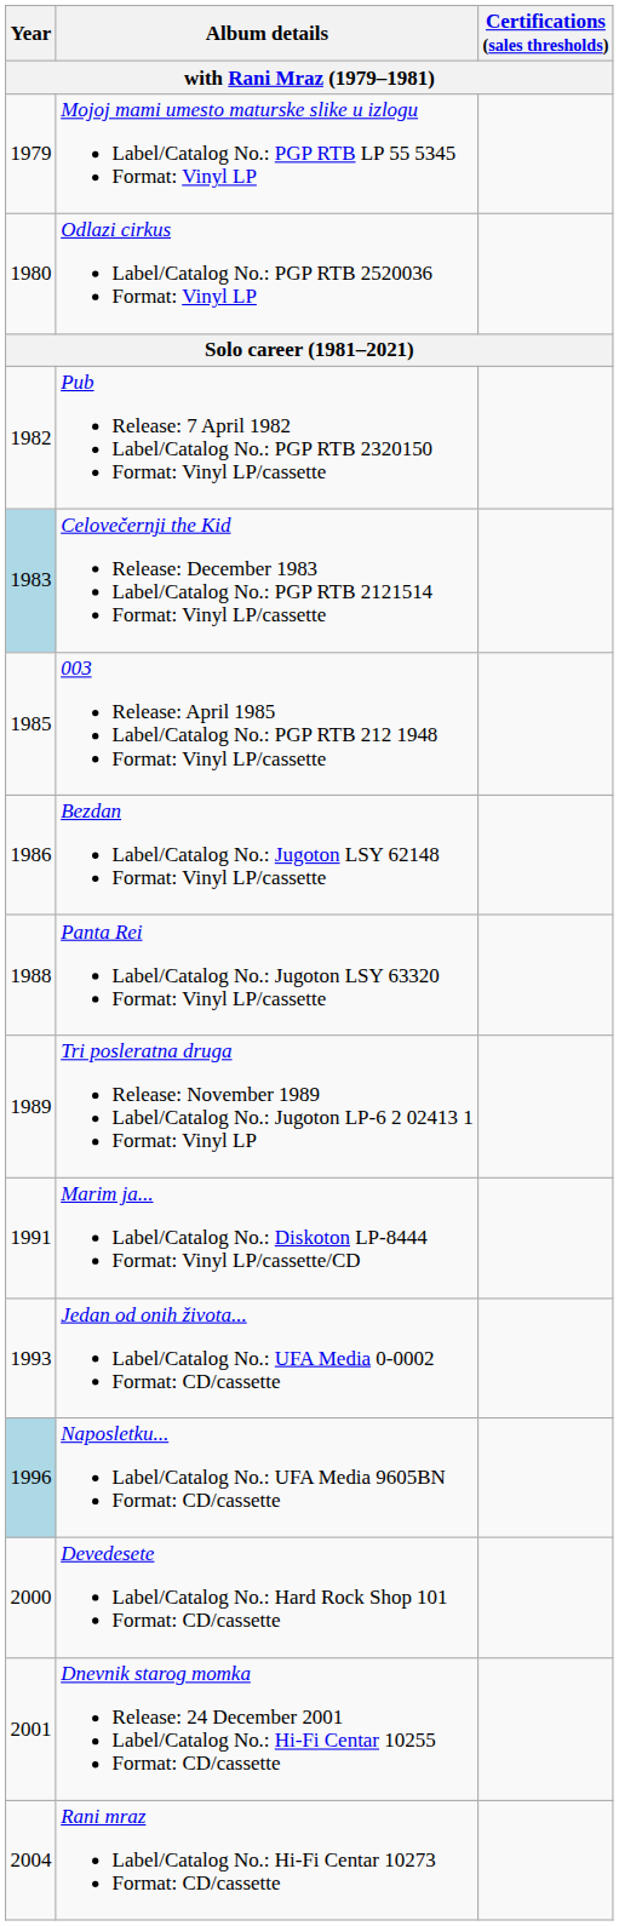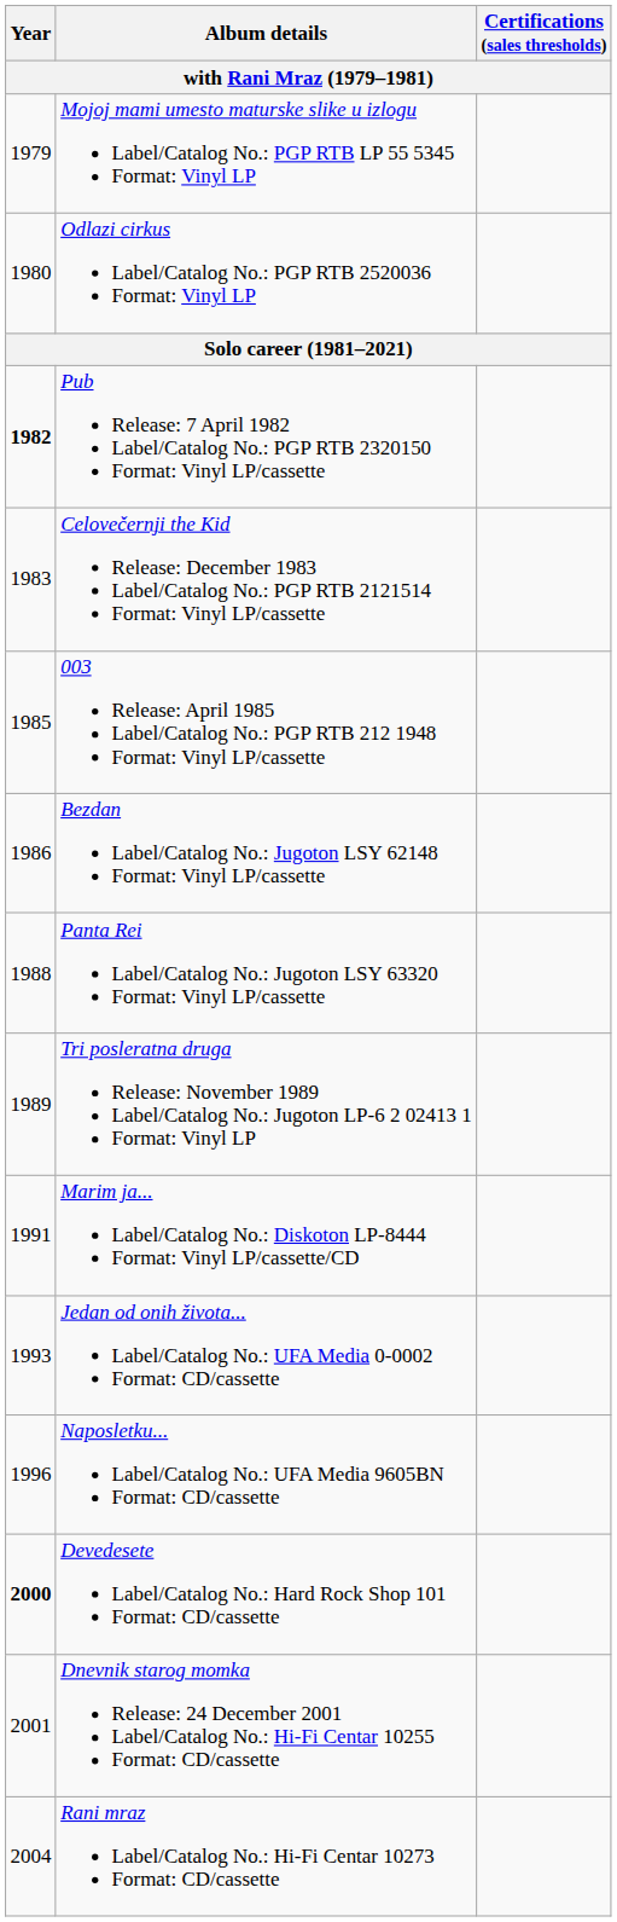 <table class="wikitable" style="text-align:center;">
 <tr>
 <th>Year</th>
 <th>Album details</th>
 <th><a href='#'>Certifications</a><br><small>(<a href='#'>sales thresholds</a>)</small></th>
 </tr>
 <tr>
 <th colspan="4"><strong>with <a href='#'>Rani Mraz</a> (1979–1981)</strong></th>
 </tr>
 <tr>
 <td>1979</td>
 <td style="text-align:left;"><em><a href='#'>Mojoj mami umesto maturske slike u izlogu</a></em><br><ul><li>Label/Catalog No.: <a href='#'>PGP RTB</a> LP 55 5345</li><li>Format: <a href='#'>Vinyl LP</a></li></ul></td>
 <td></td>
 </tr>
 <tr>
 <td>1980</td>
 <td style="text-align:left;"><em><a href='#'>Odlazi cirkus</a></em><br><ul><li>Label/Catalog No.: PGP RTB 2520036</li><li>Format: <a href='#'>Vinyl LP</a></li></ul></td>
 <td></td>
 </tr>
 <tr>
 <th colspan="4"><strong>Solo career (1981–2021)</strong></th>
 </tr>
 <tr>
-<td>1982</td>
+<td><strong>1982</strong></td>
 <td style="text-align:left;"><em><a href='#'>Pub</a></em><br><ul><li>Release: 7 April 1982</li><li>Label/Catalog No.: PGP RTB 2320150</li><li>Format: Vinyl LP/cassette</li></ul></td>
 <td></td>
 </tr>
 <tr>
-<td style="background: lightblue;">1983</td>
+<td>1983</td>
 <td style="text-align:left;"><em><a href='#'>Celovečernji the Kid</a></em><br><ul><li>Release: December 1983</li><li>Label/Catalog No.: PGP RTB 2121514</li><li>Format: Vinyl LP/cassette</li></ul></td>
 <td></td>
 </tr>
 <tr>
 <td>1985</td>
 <td style="text-align:left;"><em><a href='#'>003</a></em><br><ul><li>Release: April 1985</li><li>Label/Catalog No.: PGP RTB 212 1948</li><li>Format: Vinyl LP/cassette</li></ul></td>
 <td></td>
 </tr>
 <tr>
 <td>1986</td>
 <td style="text-align:left;"><em><a href='#'>Bezdan</a></em><br><ul><li>Label/Catalog No.: <a href='#'>Jugoton</a> LSY 62148</li><li>Format: Vinyl LP/cassette</li></ul></td>
 <td></td>
 </tr>
 <tr>
 <td>1988</td>
 <td style="text-align:left;"><em><a href='#'>Panta Rei</a></em><br><ul><li>Label/Catalog No.: Jugoton LSY 63320</li><li>Format: Vinyl LP/cassette</li></ul></td>
 <td></td>
 </tr>
 <tr>
 <td>1989</td>
 <td style="text-align:left;"><em><a href='#'>Tri posleratna druga</a></em><br><ul><li>Release: November 1989</li><li>Label/Catalog No.: Jugoton LP-6 2 02413 1</li><li>Format: Vinyl LP</li></ul></td>
 <td></td>
 </tr>
 <tr>
 <td>1991</td>
 <td style="text-align:left;"><em><a href='#'>Marim ja...</a></em><br><ul><li>Label/Catalog No.: <a href='#'>Diskoton</a> LP-8444</li><li>Format: Vinyl LP/cassette/CD</li></ul></td>
 <td></td>
 </tr>
 <tr>
 <td>1993</td>
 <td style="text-align:left;"><em><a href='#'>Jedan od onih života...</a></em><br><ul><li>Label/Catalog No.: <a href='#'>UFA Media</a> 0-0002</li><li>Format: CD/cassette</li></ul></td>
 <td></td>
 </tr>
 <tr>
-<td style="background: lightblue;">1996</td>
+<td>1996</td>
 <td style="text-align:left;"><em><a href='#'>Naposletku...</a></em><br><ul><li>Label/Catalog No.: UFA Media 9605BN</li><li>Format: CD/cassette</li></ul></td>
 <td></td>
 </tr>
 <tr>
-<td>2000</td>
+<td><strong>2000</strong></td>
 <td style="text-align:left;"><em><a href='#'>Devedesete</a></em><br><ul><li>Label/Catalog No.: Hard Rock Shop 101</li><li>Format: CD/cassette</li></ul></td>
 <td></td>
 </tr>
 <tr>
 <td>2001</td>
 <td style="text-align:left;"><em><a href='#'>Dnevnik starog momka</a></em><br><ul><li>Release: 24 December 2001</li><li>Label/Catalog No.: <a href='#'>Hi-Fi Centar</a> 10255</li><li>Format: CD/cassette</li></ul></td>
 <td></td>
 </tr>
 <tr>
 <td>2004</td>
 <td style="text-align:left;"><em><a href='#'>Rani mraz</a></em><br><ul><li>Label/Catalog No.: Hi-Fi Centar 10273</li><li>Format: CD/cassette</li></ul></td>
 <td></td>
 </tr>
 </table>
